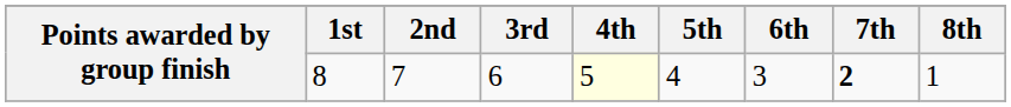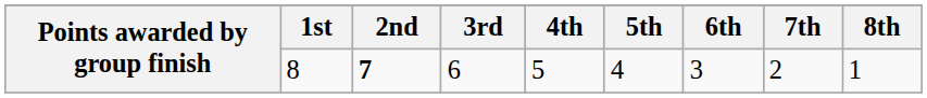 <table class="wikitable" width="100%" align=center style="font-size:90%; max-width: 500px;">
 <tr>
 </tr>
 <tr style="background:#efefef;">
 <th rowspan=2 width=30%>Points awarded by group finish</th>
 <th>1st</th>
 <th>2nd</th>
 <th>3rd</th>
 <th>4th</th>
 <th>5th</th>
 <th>6th</th>
 <th>7th</th>
 <th>8th</th>
 </tr>
 <tr>
 <td>8</td>
-<td>7</td>
+<td><strong>7</strong></td>
 <td>6</td>
-<td style="background: lightyellow;">5</td>
+<td>5</td>
 <td>4</td>
 <td>3</td>
-<td><strong>2</strong></td>
+<td>2</td>
 <td>1</td>
 </tr>
 </table>
